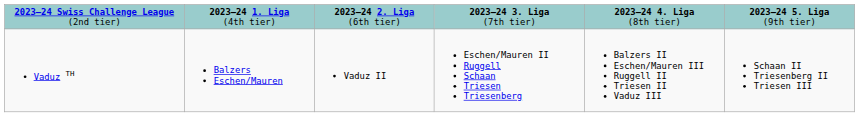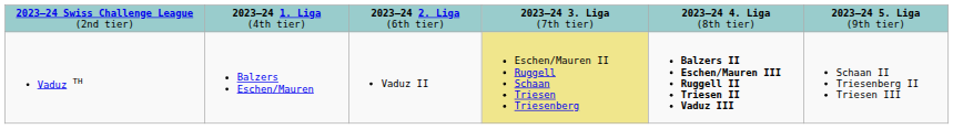 <table class="wikitable">
 <tr valign="top" bgcolor="#99CCCC">
 <td width="18%" align="center"><strong><a href='#'>2023–24 Swiss Challenge League</a></strong><br>(2nd tier)</td>
 <td width="13%" align="center"><strong>2023–24 <a href='#'>1. Liga</a></strong><br>(4th tier)</td>
 <td width="12%" align="center"><strong>2023–24 <a href='#'>2. Liga</a></strong><br>(6th tier)</td>
 <td width="15%" align="center"><strong>2023–24 3. Liga</strong><br>(7th tier)</td>
 <td width="14%" align="center"><strong>2023–24 4. Liga</strong><br>(8th tier)</td>
 <td width="13%" align="center"><strong>2023–24 5. Liga</strong><br>(9th tier)</td>
 </tr>
 <tr align="top">
 <td><br><ul><li><a href='#'>Vaduz</a> <sup>TH</sup></li></ul></td>
 <td><br><ul><li><a href='#'>Balzers</a></li><li><a href='#'>Eschen/Mauren</a></li></ul></td>
 <td><br><ul><li>Vaduz II</li></ul></td>
-<td><br><ul><li>Eschen/Mauren II</li><li><a href='#'>Ruggell</a></li><li><a href='#'>Schaan</a></li><li><a href='#'>Triesen</a></li><li><a href='#'>Triesenberg</a></li></ul></td>
-<td><br><ul><li>Balzers II</li><li>Eschen/Mauren III</li><li>Ruggell II</li><li>Triesen II</li><li>Vaduz III</li></ul></td>
+<td style="background: khaki;"><br><ul><li>Eschen/Mauren II</li><li><a href='#'>Ruggell</a></li><li><a href='#'>Schaan</a></li><li><a href='#'>Triesen</a></li><li><a href='#'>Triesenberg</a></li></ul></td>
+<td><strong><br><ul><li>Balzers II</li><li>Eschen/Mauren III</li><li>Ruggell II</li><li>Triesen II</li><li>Vaduz III</li></ul></strong></td>
 <td><br><ul><li>Schaan II</li><li>Triesenberg II</li><li>Triesen III</li></ul></td>
 </tr>
 </table>
